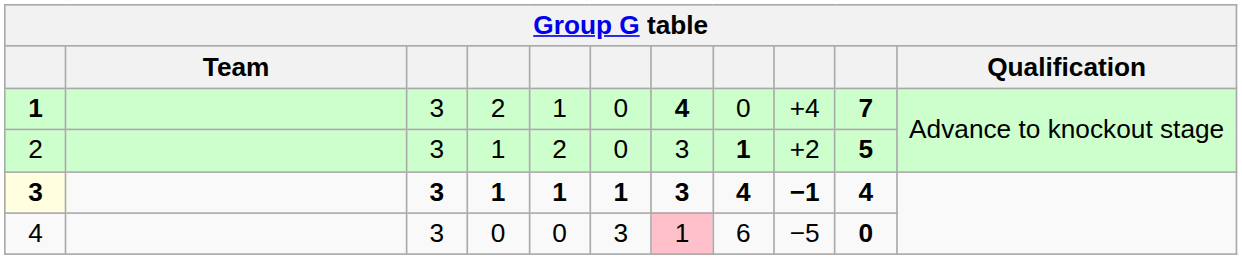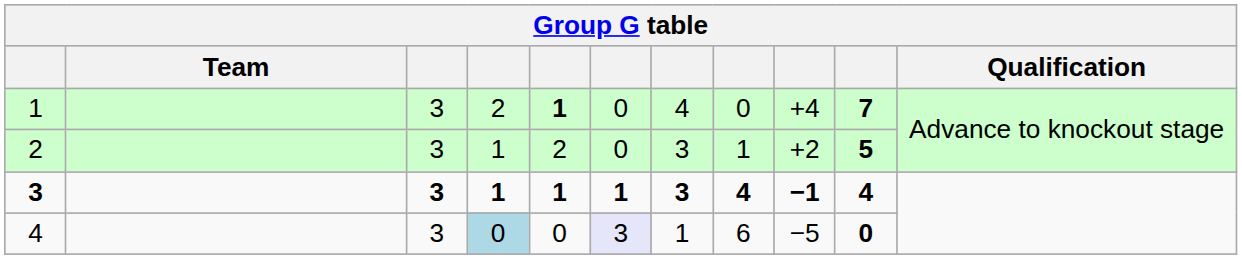 <table class="wikitable" style="text-align:center">
 <tr>
 <th colspan="11"><a href='#'>Group G</a> table</th>
 </tr>
 <tr>
 <th width=30></th>
 <th width=200>Team</th>
 <th width=30></th>
 <th width=30></th>
 <th width=30></th>
 <th width=30></th>
 <th width=30></th>
 <th width=30></th>
 <th width=30></th>
 <th width=30></th>
 <th width=200>Qualification</th>
 </tr>
 <tr style="background:#cfc;">
-<td><strong>1</strong></td>
+<td>1</td>
 <td align=left></td>
 <td>3</td>
 <td>2</td>
-<td>1</td>
+<td><strong>1</strong></td>
 <td>0</td>
-<td><strong>4</strong></td>
+<td>4</td>
 <td>0</td>
 <td>+4</td>
 <td><strong>7</strong></td>
 <td rowspan="2">Advance to knockout stage</td>
 </tr>
 <tr style="background:#cfc;">
 <td>2</td>
 <td align=left></td>
 <td>3</td>
 <td>1</td>
 <td>2</td>
 <td>0</td>
 <td>3</td>
-<td><strong>1</strong></td>
+<td>1</td>
 <td>+2</td>
 <td><strong>5</strong></td>
 </tr>
 <tr>
-<td style="background: lightyellow;"><strong>3</strong></td>
+<td><strong>3</strong></td>
 <td align=left><strong></strong></td>
 <td><strong>3</strong></td>
 <td><strong>1</strong></td>
 <td><strong>1</strong></td>
 <td><strong>1</strong></td>
 <td><strong>3</strong></td>
 <td><strong>4</strong></td>
 <td><strong>−1</strong></td>
 <td><strong>4</strong></td>
 <td rowspan="2"></td>
 </tr>
 <tr>
 <td>4</td>
 <td align=left></td>
 <td>3</td>
+<td style="background: lightblue;">0</td>
 <td>0</td>
-<td>0</td>
-<td>3</td>
-<td style="background: pink;">1</td>
+<td style="background: lavender;">3</td>
+<td>1</td>
 <td>6</td>
 <td>−5</td>
 <td><strong>0</strong></td>
 </tr>
 </table>
